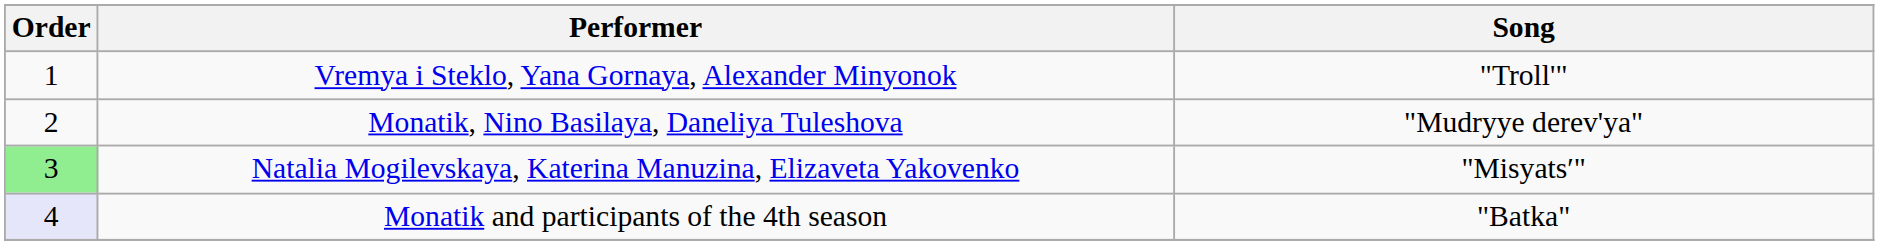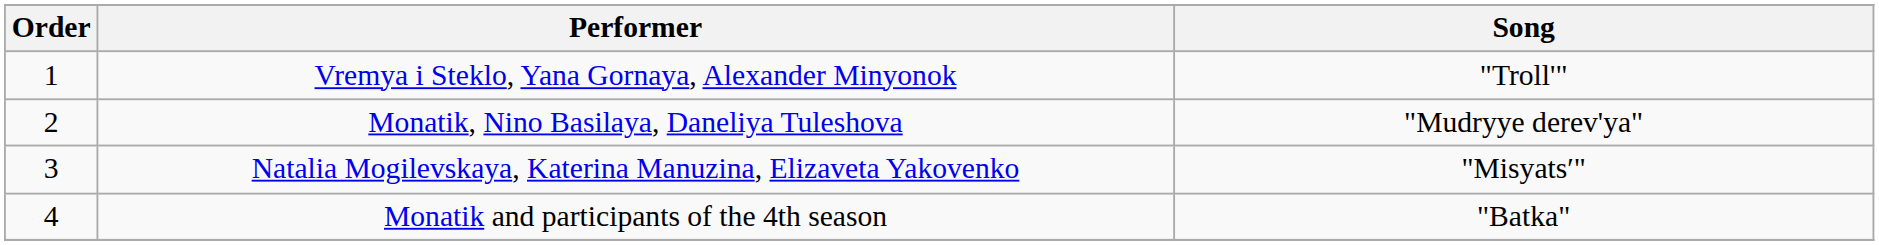 <table class="wikitable" style="text-align:center; width:80%;">
 <tr>
 </tr>
 <tr>
 <th style="width:01%;">Order</th>
 <th style="width:60%;">Performer</th>
 <th style="width:39%;">Song</th>
 </tr>
 <tr>
 <td>1</td>
 <td><a href='#'>Vremya i Steklo</a>, <a href='#'>Yana Gornaya</a>, <a href='#'>Alexander Minyonok</a></td>
 <td>"Troll'"</td>
 </tr>
 <tr>
 <td>2</td>
 <td><a href='#'>Monatik</a>, <a href='#'>Nino Basilaya</a>, <a href='#'>Daneliya Tuleshova</a></td>
 <td>"Mudryye derev'ya"</td>
 </tr>
 <tr>
-<td style="background: lightgreen;">3</td>
+<td>3</td>
 <td><a href='#'>Natalia Mogilevskaya</a>, <a href='#'>Katerina Manuzina</a>, <a href='#'>Elizaveta Yakovenko</a></td>
 <td>"Misyatsʹ"</td>
 </tr>
 <tr>
-<td style="background: lavender;">4</td>
+<td>4</td>
 <td><a href='#'>Monatik</a> and participants of the 4th season</td>
 <td>"Batka"</td>
 </tr>
 <tr>
 </tr>
 </table>
